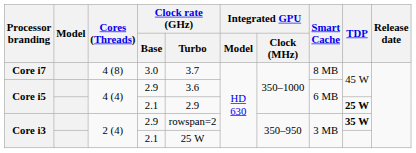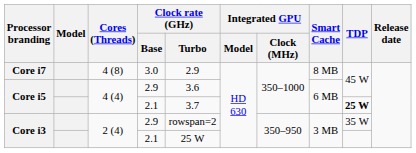 <table class="wikitable sortable nowrap" style="text-align: center;">
 <tr>
 <th class="unsortable" rowspan="2">Processor<br>branding</th>
 <th rowspan="2">Model</th>
 <th class="unsortable" rowspan="2"><a href='#'>Cores</a><br>(<a href='#'>Threads</a>)</th>
 <th colspan="2"><a href='#'>Clock rate</a> (GHz)</th>
 <th colspan="2">Integrated <a href='#'>GPU</a></th>
 <th class="unsortable" rowspan="2"><a href='#'>Smart<br>Cache</a></th>
 <th rowspan="2"><a href='#'>TDP</a></th>
 <th rowspan="2">Release<br>date</th>
 </tr>
 <tr>
 <th class="unsortable">Base</th>
 <th class="unsortable">Turbo</th>
 <th class="unsortable">Model</th>
 <th class="unsortable">Clock (MHz)</th>
 </tr>
 <tr>
 <th>Core i7</th>
 <th style="text-align:left;" data-sort-value="sku5"></th>
 <td>4 (8)</td>
 <td>3.0</td>
-<td>3.7</td>
+<td>2.9</td>
 <td rowspan=5><a href='#'>HD 630</a></td>
 <td rowspan=3>350–1000</td>
 <td>8 MB</td>
 <td rowspan=2>45 W</td>
 <td rowspan=5></td>
 </tr>
 <tr>
 <th rowspan=2>Core i5</th>
 <th style="text-align:left;" data-sort-value="sku4"></th>
 <td rowspan=2>4 (4)</td>
 <td>2.9</td>
 <td>3.6</td>
 <td rowspan=2>6 MB</td>
 </tr>
 <tr>
 <th style="text-align:left;" data-sort-value="sku3"></th>
 <td>2.1</td>
-<td>2.9</td>
+<td>3.7</td>
 <td><strong>25 W</strong></td>
 </tr>
 <tr>
 <th rowspan=2>Core i3</th>
 <th style="text-align:left;" data-sort-value="sku2"></th>
 <td rowspan=2>2 (4)</td>
 <td>2.9</td>
 <td>rowspan=2 </td>
 <td rowspan=2>350–950</td>
 <td rowspan=2>3 MB</td>
-<td><strong>35 W</strong></td>
+<td>35 W</td>
 </tr>
 <tr>
 <th style="text-align:left;" data-sort-value="sku1"></th>
 <td>2.1</td>
 <td>25 W</td>
 </tr>
 </table>
